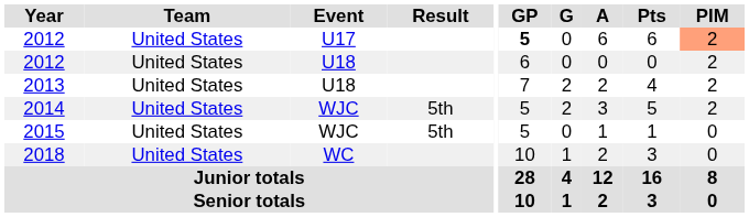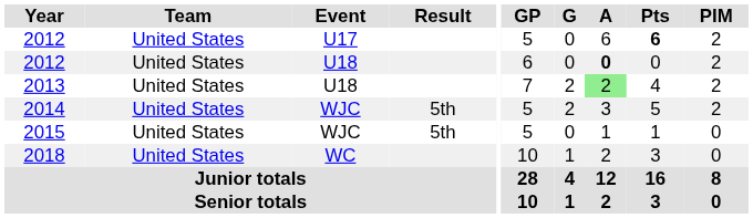 <table border="0" cellpadding="1" cellspacing="0" ID="Table3" style="text-align:center; width:40em;">
 <tr bgcolor="#e0e0e0">
 <th>Year</th>
 <th>Team</th>
 <th>Event</th>
 <th>Result</th>
 <th rowspan="99" bgcolor="#ffffff"></th>
 <th>GP</th>
 <th>G</th>
 <th>A</th>
 <th>Pts</th>
 <th>PIM</th>
 </tr>
 <tr>
 <td><a href='#'>2012</a></td>
 <td><a href='#'>United States</a></td>
 <td><a href='#'>U17</a></td>
 <td></td>
-<td><strong>5</strong></td>
+<td>5</td>
 <td>0</td>
 <td>6</td>
-<td>6</td>
-<td style="background: lightsalmon;">2</td>
+<td><strong>6</strong></td>
+<td>2</td>
 </tr>
 <tr bgcolor="#f0f0f0">
 <td><a href='#'>2012</a></td>
 <td>United States</td>
 <td><a href='#'>U18</a></td>
 <td></td>
 <td>6</td>
 <td>0</td>
-<td>0</td>
+<td><strong>0</strong></td>
 <td>0</td>
 <td>2</td>
 </tr>
 <tr>
 <td><a href='#'>2013</a></td>
 <td>United States</td>
 <td>U18</td>
 <td></td>
 <td>7</td>
 <td>2</td>
-<td>2</td>
+<td style="background: lightgreen;">2</td>
 <td>4</td>
 <td>2</td>
 </tr>
 <tr bgcolor="#f0f0f0">
 <td><a href='#'>2014</a></td>
 <td><a href='#'>United States</a></td>
 <td><a href='#'>WJC</a></td>
 <td>5th</td>
 <td>5</td>
 <td>2</td>
 <td>3</td>
 <td>5</td>
 <td>2</td>
 </tr>
 <tr>
 <td><a href='#'>2015</a></td>
 <td>United States</td>
 <td>WJC</td>
 <td>5th</td>
 <td>5</td>
 <td>0</td>
 <td>1</td>
 <td>1</td>
 <td>0</td>
 </tr>
 <tr bgcolor="#f0f0f0">
 <td><a href='#'>2018</a></td>
 <td><a href='#'>United States</a></td>
 <td><a href='#'>WC</a></td>
 <td></td>
 <td>10</td>
 <td>1</td>
 <td>2</td>
 <td>3</td>
 <td>0</td>
 </tr>
 <tr bgcolor="#e0e0e0">
 <th colspan="4">Junior totals</th>
 <th>28</th>
 <th>4</th>
 <th>12</th>
 <th>16</th>
 <th>8</th>
 </tr>
 <tr bgcolor="#e0e0e0">
 <th colspan="4">Senior totals</th>
 <th>10</th>
 <th>1</th>
 <th>2</th>
 <th>3</th>
 <th>0</th>
 </tr>
 </table>
